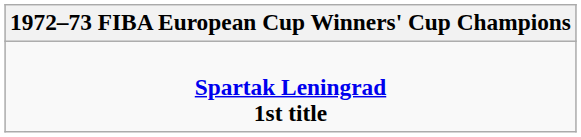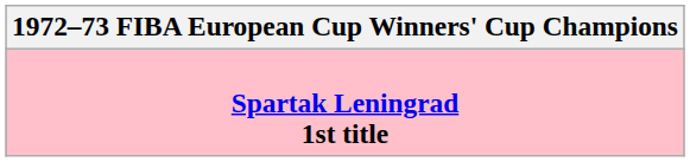 <table class=wikitable style="text-align:center; margin:auto">
 <tr>
 <th>1972–73 FIBA European Cup Winners' Cup Champions</th>
 </tr>
 <tr>
-<td><br> <strong><a href='#'>Spartak Leningrad</a></strong> <br> <strong>1st title</strong></td>
+<td style="background: pink;"><br> <strong><a href='#'>Spartak Leningrad</a></strong> <br> <strong>1st title</strong></td>
 </tr>
 </table>
